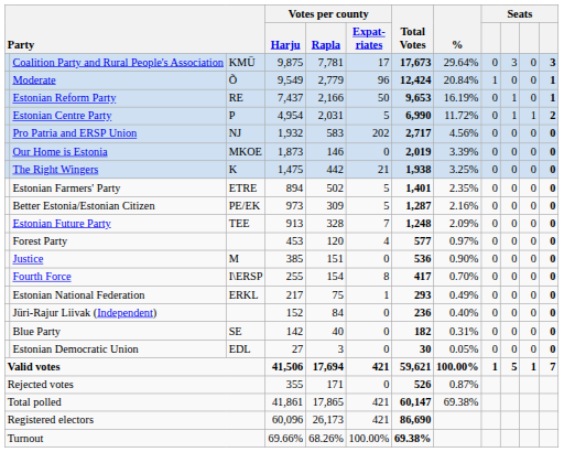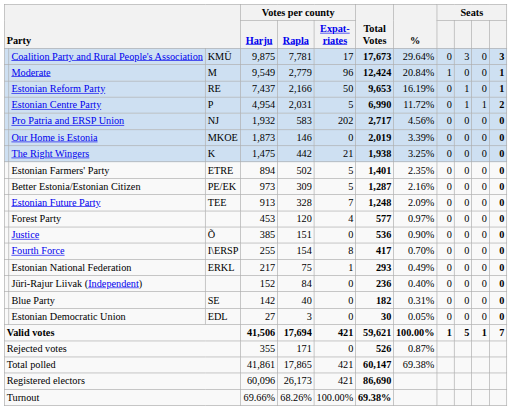 <table class="wikitable" border="1" style="text-align:right;">
 <tr>
 <th style="text-align:left;" valign=bottom rowspan=2 colspan=3>Party</th>
 <th colspan=3>Votes per county</th>
 <th align=center valign=bottom rowspan=2 width="50">Total Votes</th>
 <th align=center valign=bottom rowspan=2 width="50">%</th>
 <th colspan=4>Seats</th>
 </tr>
 <tr>
 <th align=center valign=bottom width="50"><a href='#'>Harju</a></th>
 <th align=center valign=bottom width="50"><a href='#'>Rapla</a></th>
 <th align=center valign=bottom width="50"><a href='#'>Expat- riates</a></th>
 <th align=center valign=bottom width="20"><small></small></th>
 <th align=center valign=bottom width="20"><small></small></th>
 <th align=center valign=bottom width="20"><small></small></th>
 <th align=center valign=bottom width="20"><small></small></th>
 </tr>
 <tr style="background:#CEE0F2;">
 <td style="background:"></td>
 <td align=left><a href='#'>Coalition Party and Rural People's Association</a></td>
 <td align=left>KMÜ</td>
 <td>9,875</td>
 <td>7,781</td>
 <td>17</td>
 <td><strong>17,673</strong></td>
 <td>29.64%</td>
 <td>0</td>
 <td>3</td>
 <td>0</td>
 <td><strong>3</strong></td>
 </tr>
 <tr style="background:#CEE0F2;">
 <td style="background:"></td>
 <td align=left><a href='#'>Moderate</a></td>
-<td align=left>Õ</td>
+<td align=left>M</td>
 <td>9,549</td>
 <td>2,779</td>
 <td>96</td>
 <td><strong>12,424</strong></td>
 <td>20.84%</td>
 <td>1</td>
 <td>0</td>
 <td>0</td>
 <td><strong>1</strong></td>
 </tr>
 <tr style="background:#CEE0F2;">
 <td style="background:"></td>
 <td align=left><a href='#'>Estonian Reform Party</a></td>
 <td align=left>RE</td>
 <td>7,437</td>
 <td>2,166</td>
 <td>50</td>
 <td><strong>9,653</strong></td>
 <td>16.19%</td>
 <td>0</td>
 <td>1</td>
 <td>0</td>
 <td><strong>1</strong></td>
 </tr>
 <tr style="background:#CEE0F2;">
 <td style="background:"></td>
 <td align=left><a href='#'>Estonian Centre Party</a></td>
 <td align=left>P</td>
 <td>4,954</td>
 <td>2,031</td>
 <td>5</td>
 <td><strong>6,990</strong></td>
 <td>11.72%</td>
 <td>0</td>
 <td>1</td>
 <td>1</td>
 <td><strong>2</strong></td>
 </tr>
 <tr style="background:#CEE0F2;">
 <td style="background:"></td>
 <td align=left><a href='#'>Pro Patria and ERSP Union</a></td>
 <td align=left>NJ</td>
 <td>1,932</td>
 <td>583</td>
 <td>202</td>
 <td><strong>2,717</strong></td>
 <td>4.56%</td>
 <td>0</td>
 <td>0</td>
 <td>0</td>
 <td><strong>0</strong></td>
 </tr>
 <tr style="background:#CEE0F2;">
 <td style="background:"></td>
 <td align=left><a href='#'>Our Home is Estonia</a></td>
 <td align=left>MKOE</td>
 <td>1,873</td>
 <td>146</td>
 <td>0</td>
 <td><strong>2,019</strong></td>
 <td>3.39%</td>
 <td>0</td>
 <td>0</td>
 <td>0</td>
 <td><strong>0</strong></td>
 </tr>
 <tr style="background:#CEE0F2;">
 <td></td>
 <td align=left><a href='#'>The Right Wingers</a></td>
 <td align=left>K</td>
 <td>1,475</td>
 <td>442</td>
 <td>21</td>
 <td><strong>1,938</strong></td>
 <td>3.25%</td>
 <td>0</td>
 <td>0</td>
 <td>0</td>
 <td><strong>0</strong></td>
 </tr>
 <tr>
 <td></td>
 <td align=left>Estonian Farmers' Party</td>
 <td align=left>ETRE</td>
 <td>894</td>
 <td>502</td>
 <td>5</td>
 <td><strong>1,401</strong></td>
 <td>2.35%</td>
 <td>0</td>
 <td>0</td>
 <td>0</td>
 <td><strong>0</strong></td>
 </tr>
 <tr>
 <td></td>
 <td align=left>Better Estonia/Estonian Citizen</td>
 <td align=left>PE/EK</td>
 <td>973</td>
 <td>309</td>
 <td>5</td>
 <td><strong>1,287</strong></td>
 <td>2.16%</td>
 <td>0</td>
 <td>0</td>
 <td>0</td>
 <td><strong>0</strong></td>
 </tr>
 <tr>
 <td style="background:"></td>
 <td align=left><a href='#'>Estonian Future Party</a></td>
 <td align=left>TEE</td>
 <td>913</td>
 <td>328</td>
 <td>7</td>
 <td><strong>1,248</strong></td>
 <td>2.09%</td>
 <td>0</td>
 <td>0</td>
 <td>0</td>
 <td><strong>0</strong></td>
 </tr>
 <tr>
 <td></td>
 <td align=left>Forest Party</td>
 <td></td>
 <td>453</td>
 <td>120</td>
 <td>4</td>
 <td><strong>577</strong></td>
 <td>0.97%</td>
 <td>0</td>
 <td>0</td>
 <td>0</td>
 <td><strong>0</strong></td>
 </tr>
 <tr>
 <td style="background:"></td>
 <td align=left><a href='#'>Justice</a></td>
-<td align=left>M</td>
+<td align=left>Õ</td>
 <td>385</td>
 <td>151</td>
 <td>0</td>
 <td><strong>536</strong></td>
 <td>0.90%</td>
 <td>0</td>
 <td>0</td>
 <td>0</td>
 <td><strong>0</strong></td>
 </tr>
 <tr>
 <td style="background:"></td>
 <td align=left><a href='#'>Fourth Force</a></td>
 <td align=left>I\ERSP</td>
 <td>255</td>
 <td>154</td>
 <td>8</td>
 <td><strong>417</strong></td>
 <td>0.70%</td>
 <td>0</td>
 <td>0</td>
 <td>0</td>
 <td><strong>0</strong></td>
 </tr>
 <tr>
 <td></td>
 <td align=left>Estonian National Federation</td>
 <td align=left>ERKL</td>
 <td>217</td>
 <td>75</td>
 <td>1</td>
 <td><strong>293</strong></td>
 <td>0.49%</td>
 <td>0</td>
 <td>0</td>
 <td>0</td>
 <td><strong>0</strong></td>
 </tr>
 <tr>
 <td style="background:"></td>
 <td align=left>Jüri-Rajur Liivak (<a href='#'>Independent</a>)</td>
 <td></td>
 <td>152</td>
 <td>84</td>
 <td>0</td>
 <td><strong>236</strong></td>
 <td>0.40%</td>
 <td>0</td>
 <td>0</td>
 <td>0</td>
 <td><strong>0</strong></td>
 </tr>
 <tr>
 <td></td>
 <td align=left>Blue Party</td>
 <td align=left>SE</td>
 <td>142</td>
 <td>40</td>
 <td>0</td>
 <td><strong>182</strong></td>
 <td>0.31%</td>
 <td>0</td>
 <td>0</td>
 <td>0</td>
 <td><strong>0</strong></td>
 </tr>
 <tr>
 <td></td>
 <td align=left>Estonian Democratic Union</td>
 <td align=left>EDL</td>
 <td>27</td>
 <td>3</td>
 <td>0</td>
 <td><strong>30</strong></td>
 <td>0.05%</td>
 <td>0</td>
 <td>0</td>
 <td>0</td>
 <td><strong>0</strong></td>
 </tr>
 <tr style="font-weight:bold">
 <td align=left colspan=3>Valid votes</td>
 <td>41,506</td>
 <td>17,694</td>
 <td>421</td>
 <td>59,621</td>
 <td>100.00%</td>
 <td>1</td>
 <td>5</td>
 <td>1</td>
 <td>7</td>
 </tr>
 <tr>
 <td align=left colspan=3>Rejected votes</td>
 <td>355</td>
 <td>171</td>
 <td>0</td>
 <td><strong>526</strong></td>
 <td>0.87%</td>
 <td></td>
 <td></td>
 <td></td>
 <td></td>
 </tr>
 <tr>
 <td align=left colspan=3>Total polled</td>
 <td>41,861</td>
 <td>17,865</td>
 <td>421</td>
 <td><strong>60,147</strong></td>
 <td>69.38%</td>
 <td></td>
 <td></td>
 <td></td>
 <td></td>
 </tr>
 <tr>
 <td align=left colspan=3>Registered electors</td>
 <td>60,096</td>
 <td>26,173</td>
 <td>421</td>
 <td><strong>86,690</strong></td>
 <td></td>
 <td></td>
 <td></td>
 <td></td>
 <td></td>
 </tr>
 <tr>
 <td align=left colspan=3>Turnout</td>
 <td>69.66%</td>
 <td>68.26%</td>
 <td>100.00%</td>
 <td><strong>69.38%</strong></td>
 <td></td>
 <td></td>
 <td></td>
 <td></td>
 <td></td>
 </tr>
 </table>
